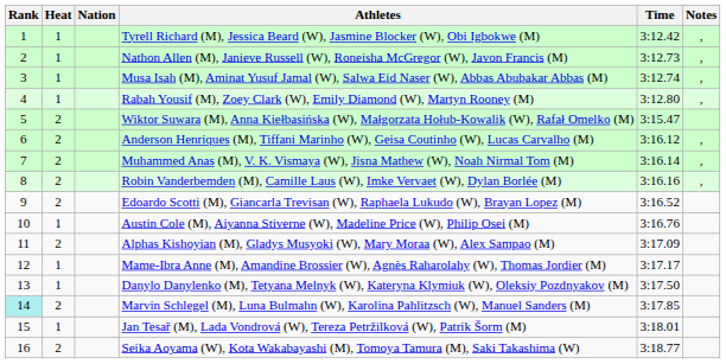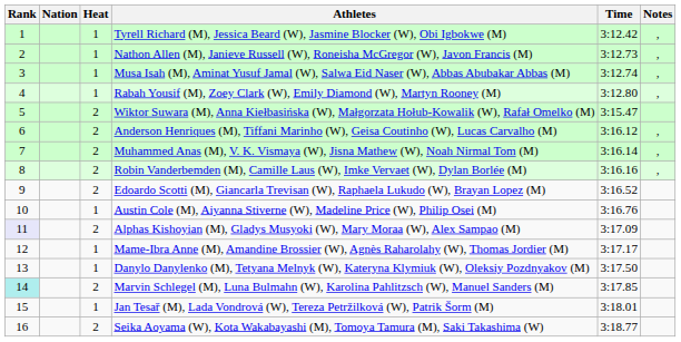 <table class="wikitable sortable" style="text-align:center">
 <tr>
 <th>Rank</th>
+<th>Nation</th>
 <th>Heat</th>
-<th>Nation</th>
 <th>Athletes</th>
 <th>Time</th>
 <th>Notes</th>
 </tr>
 <tr bgcolor=ccffcc>
 <td>1</td>
+<td align=left></td>
 <td>1</td>
-<td align=left></td>
 <td align=left><a href='#'>Tyrell Richard</a> (M), <a href='#'>Jessica Beard</a> (W), <a href='#'>Jasmine Blocker</a> (W), <a href='#'>Obi Igbokwe</a> (M)</td>
 <td>3:12.42</td>
 <td>, <strong></strong></td>
 </tr>
 <tr bgcolor=ccffcc>
 <td>2</td>
+<td align=left></td>
 <td>1</td>
-<td align=left></td>
 <td align=left><a href='#'>Nathon Allen</a> (M), <a href='#'>Janieve Russell</a> (W), <a href='#'>Roneisha McGregor</a> (W), <a href='#'>Javon Francis</a> (M)</td>
 <td>3:12.73</td>
 <td>, <strong></strong></td>
 </tr>
 <tr bgcolor=ccffcc>
 <td>3</td>
+<td align=left></td>
 <td>1</td>
-<td align=left></td>
 <td align=left><a href='#'>Musa Isah</a> (M), <a href='#'>Aminat Yusuf Jamal</a> (W), <a href='#'>Salwa Eid Naser</a> (W), <a href='#'>Abbas Abubakar Abbas</a> (M)</td>
 <td>3:12.74</td>
 <td>, <strong></strong></td>
 </tr>
 <tr bgcolor=ddffdd>
 <td>4</td>
+<td align=left></td>
 <td>1</td>
-<td align=left></td>
 <td align=left><a href='#'>Rabah Yousif</a> (M), <a href='#'>Zoey Clark</a> (W), <a href='#'>Emily Diamond</a> (W), <a href='#'>Martyn Rooney</a> (M)</td>
 <td>3:12.80</td>
 <td>,<strong>  </strong></td>
 </tr>
 <tr bgcolor=ccffcc>
 <td>5</td>
+<td align=left></td>
 <td>2</td>
-<td align=left></td>
 <td align=left><a href='#'>Wiktor Suwara</a> (M), <a href='#'>Anna Kiełbasińska</a> (W), <a href='#'>Małgorzata Hołub-Kowalik</a> (W), <a href='#'>Rafał Omelko</a> (M)</td>
 <td>3:15.47</td>
 <td></td>
 </tr>
 <tr bgcolor=ccffcc>
 <td>6</td>
+<td align=left></td>
 <td>2</td>
-<td align=left></td>
 <td align=left><a href='#'>Anderson Henriques</a> (M), <a href='#'>Tiffani Marinho</a> (W), <a href='#'>Geisa Coutinho</a> (W), <a href='#'>Lucas Carvalho</a> (M)</td>
 <td>3:16.12</td>
 <td>, <strong></strong></td>
 </tr>
 <tr bgcolor=ccffcc>
 <td>7</td>
+<td align=left></td>
 <td>2</td>
-<td align=left></td>
 <td align=left><a href='#'>Muhammed Anas</a> (M), <a href='#'>V. K. Vismaya</a> (W), <a href='#'>Jisna Mathew</a> (W), <a href='#'>Noah Nirmal Tom</a> (M)</td>
 <td>3:16.14</td>
 <td>, </td>
 </tr>
 <tr bgcolor=ddffdd>
 <td>8</td>
+<td align=left></td>
 <td>2</td>
-<td align=left></td>
 <td align=left><a href='#'>Robin Vanderbemden</a> (M), <a href='#'>Camille Laus</a> (W), <a href='#'>Imke Vervaet</a> (W), <a href='#'>Dylan Borlée</a> (M)</td>
 <td>3:16.16</td>
 <td>, <strong></strong></td>
 </tr>
 <tr>
 <td>9</td>
+<td align=left></td>
 <td>2</td>
-<td align=left></td>
 <td align=left><a href='#'>Edoardo Scotti</a> (M), <a href='#'>Giancarla Trevisan</a> (W), <a href='#'>Raphaela Lukudo</a> (W), <a href='#'>Brayan Lopez</a> (M)</td>
 <td>3:16.52</td>
 <td></td>
 </tr>
 <tr>
 <td>10</td>
+<td align=left></td>
 <td>1</td>
-<td align=left></td>
 <td align=left><a href='#'>Austin Cole</a> (M), <a href='#'>Aiyanna Stiverne</a> (W), <a href='#'>Madeline Price</a> (W), <a href='#'>Philip Osei</a> (M)</td>
 <td>3:16.76</td>
 <td><strong></strong></td>
 </tr>
 <tr>
-<td>11</td>
+<td style="background: lavender;">11</td>
+<td align=left></td>
 <td>2</td>
-<td align=left></td>
 <td align=left><a href='#'>Alphas Kishoyian</a> (M), <a href='#'>Gladys Musyoki</a> (W), <a href='#'>Mary Moraa</a> (W), <a href='#'>Alex Sampao</a> (M)</td>
 <td>3:17.09</td>
 <td></td>
 </tr>
 <tr>
 <td>12</td>
+<td align=left></td>
 <td>1</td>
-<td align=left></td>
 <td align=left><a href='#'>Mame-Ibra Anne</a> (M), <a href='#'>Amandine Brossier</a> (W), <a href='#'>Agnès Raharolahy</a> (W), <a href='#'>Thomas Jordier</a> (M)</td>
 <td>3:17.17</td>
 <td><strong></strong></td>
 </tr>
 <tr>
 <td>13</td>
+<td align=left></td>
 <td>1</td>
-<td align=left></td>
 <td align=left><a href='#'>Danylo Danylenko</a> (M), <a href='#'>Tetyana Melnyk</a> (W), <a href='#'>Kateryna Klymiuk</a> (W), <a href='#'>Oleksiy Pozdnyakov</a> (M)</td>
 <td>3:17.50</td>
 <td></td>
 </tr>
 <tr>
 <td style="background: paleturquoise;">14</td>
+<td align=left></td>
 <td>2</td>
-<td align=left></td>
 <td align=left><a href='#'>Marvin Schlegel</a> (M), <a href='#'>Luna Bulmahn</a> (W), <a href='#'>Karolina Pahlitzsch</a> (W), <a href='#'>Manuel Sanders</a> (M)</td>
 <td>3:17.85</td>
 <td></td>
 </tr>
 <tr>
 <td>15</td>
+<td align=left></td>
 <td>1</td>
-<td align=left></td>
 <td align=left><a href='#'>Jan Tesař</a> (M), <a href='#'>Lada Vondrová</a> (W), <a href='#'>Tereza Petržilková</a> (W), <a href='#'>Patrik Šorm</a> (M)</td>
 <td>3:18.01</td>
 <td></td>
 </tr>
 <tr>
 <td>16</td>
+<td align=left></td>
 <td>2</td>
-<td align=left></td>
 <td align=left><a href='#'>Seika Aoyama</a> (W), <a href='#'>Kota Wakabayashi</a> (M), <a href='#'>Tomoya Tamura</a> (M), <a href='#'>Saki Takashima</a> (W)</td>
 <td>3:18.77</td>
 <td><strong></strong></td>
 </tr>
 </table>
